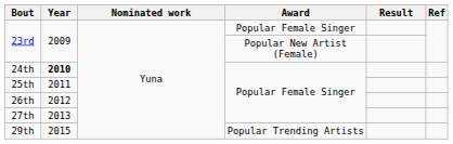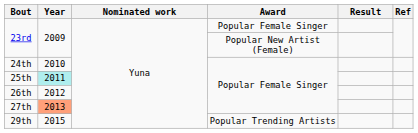 <table class="wikitable">
 <tr>
 <th width="50">Bout</th>
 <th width="50">Year</th>
 <th width="258">Nominated work</th>
 <th width="250">Award</th>
 <th width="90">Result</th>
 <th>Ref</th>
 </tr>
 <tr>
 <td rowspan="2" align="center"><a href='#'>23rd</a></td>
 <td rowspan="2" align="center">2009</td>
 <td rowspan="7" align="center">Yuna</td>
 <td align="center">Popular Female Singer</td>
 <td></td>
 <td rowspan="2" align="center"></td>
 </tr>
 <tr>
 <td align="center">Popular New Artist (Female)</td>
 <td></td>
 </tr>
 <tr>
 <td rowspan="1" align="center">24th</td>
-<td rowspan="1" align="center"><strong>2010</strong></td>
+<td rowspan="1" align="center">2010</td>
 <td rowspan="4" align="center">Popular Female Singer</td>
 <td></td>
 <td align="center"></td>
 </tr>
 <tr>
 <td rowspan="1" align="center">25th</td>
-<td rowspan="1" align="center">2011</td>
+<td rowspan="1" align="center" style="background: paleturquoise;">2011</td>
 <td></td>
 <td align="center"></td>
 </tr>
 <tr>
 <td rowspan="1" align="center">26th</td>
 <td rowspan="1" align="center">2012</td>
 <td></td>
 <td align="center"></td>
 </tr>
 <tr>
 <td rowspan="1" align="center">27th</td>
-<td rowspan="1" align="center">2013</td>
+<td rowspan="1" align="center" style="background: lightsalmon;">2013</td>
 <td></td>
 <td align="center"></td>
 </tr>
 <tr>
 <td rowspan="1" align="center">29th</td>
 <td rowspan="1" align="center">2015</td>
 <td align="center">Popular Trending Artists</td>
 <td></td>
 <td align="center"></td>
 </tr>
 </table>
